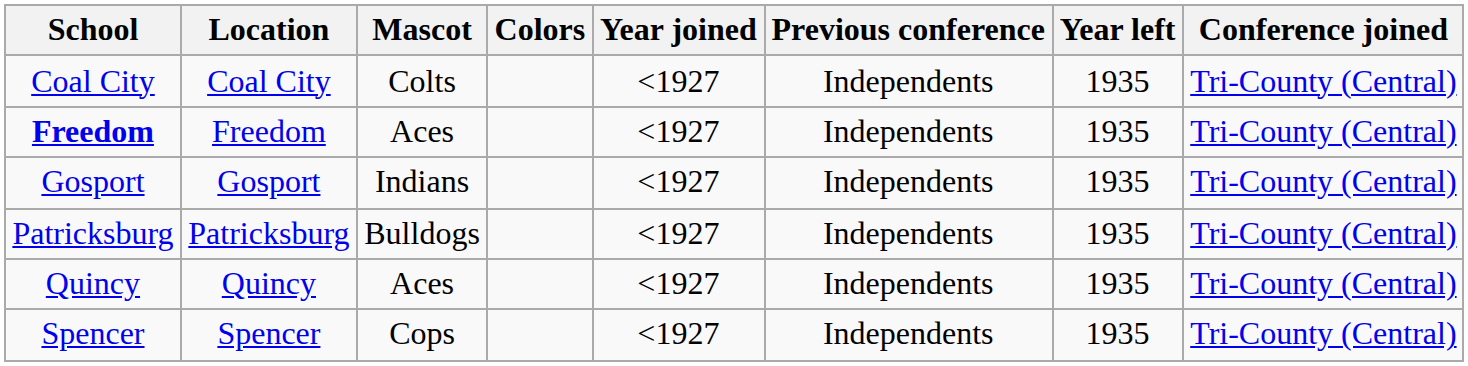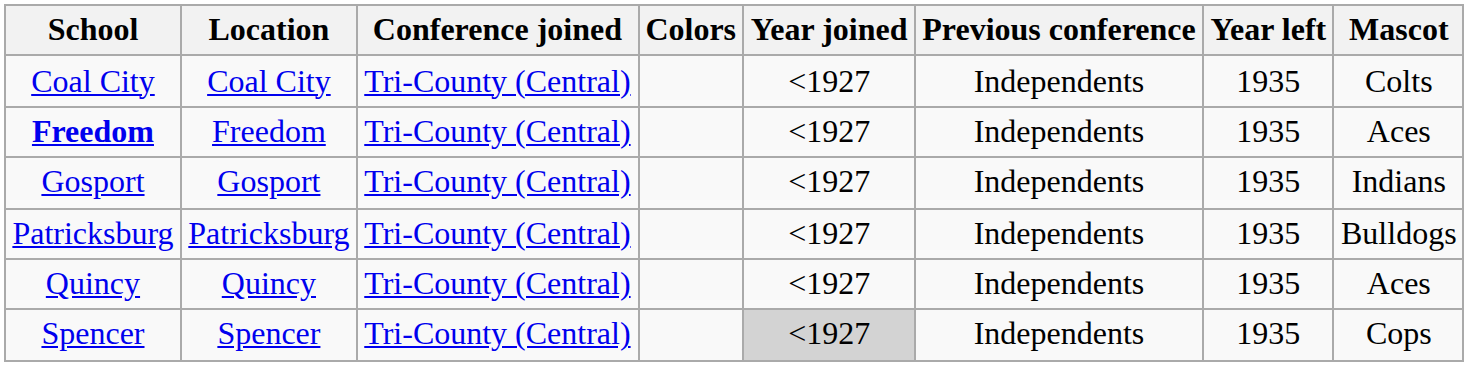 <table class="wikitable" style="text-align:center;">
 <tr>
 <th>School</th>
 <th>Location</th>
-<th>Mascot</th>
+<th>Conference joined</th>
 <th>Colors</th>
 <th>Year joined</th>
 <th>Previous conference</th>
 <th>Year left</th>
-<th>Conference joined</th>
+<th>Mascot</th>
 </tr>
 <tr>
 <td><a href='#'>Coal City</a></td>
 <td><a href='#'>Coal City</a></td>
-<td>Colts</td>
+<td><a href='#'>Tri-County (Central)</a></td>
 <td> </td>
 <td><1927</td>
 <td>Independents</td>
 <td>1935</td>
-<td><a href='#'>Tri-County (Central)</a></td>
+<td>Colts</td>
 </tr>
 <tr>
 <td><strong><a href='#'>Freedom</a></strong></td>
 <td><a href='#'>Freedom</a></td>
-<td>Aces</td>
+<td><a href='#'>Tri-County (Central)</a></td>
 <td> </td>
 <td><1927</td>
 <td>Independents</td>
 <td>1935</td>
-<td><a href='#'>Tri-County (Central)</a></td>
+<td>Aces</td>
 </tr>
 <tr>
 <td><a href='#'>Gosport</a></td>
 <td><a href='#'>Gosport</a></td>
-<td>Indians</td>
+<td><a href='#'>Tri-County (Central)</a></td>
 <td> </td>
 <td><1927</td>
 <td>Independents</td>
 <td>1935</td>
-<td><a href='#'>Tri-County (Central)</a></td>
+<td>Indians</td>
 </tr>
 <tr>
 <td><a href='#'>Patricksburg</a></td>
 <td><a href='#'>Patricksburg</a></td>
-<td>Bulldogs</td>
+<td><a href='#'>Tri-County (Central)</a></td>
 <td> </td>
 <td><1927</td>
 <td>Independents</td>
 <td>1935</td>
-<td><a href='#'>Tri-County (Central)</a></td>
+<td>Bulldogs</td>
 </tr>
 <tr>
 <td><a href='#'>Quincy</a></td>
 <td><a href='#'>Quincy</a></td>
-<td>Aces</td>
+<td><a href='#'>Tri-County (Central)</a></td>
 <td> </td>
 <td><1927</td>
 <td>Independents</td>
 <td>1935</td>
-<td><a href='#'>Tri-County (Central)</a></td>
+<td>Aces</td>
 </tr>
 <tr>
 <td><a href='#'>Spencer</a></td>
 <td><a href='#'>Spencer</a></td>
-<td>Cops</td>
+<td><a href='#'>Tri-County (Central)</a></td>
 <td> </td>
-<td><1927</td>
+<td style="background: lightgrey;"><1927</td>
 <td>Independents</td>
 <td>1935</td>
-<td><a href='#'>Tri-County (Central)</a></td>
+<td>Cops</td>
 </tr>
 </table>
